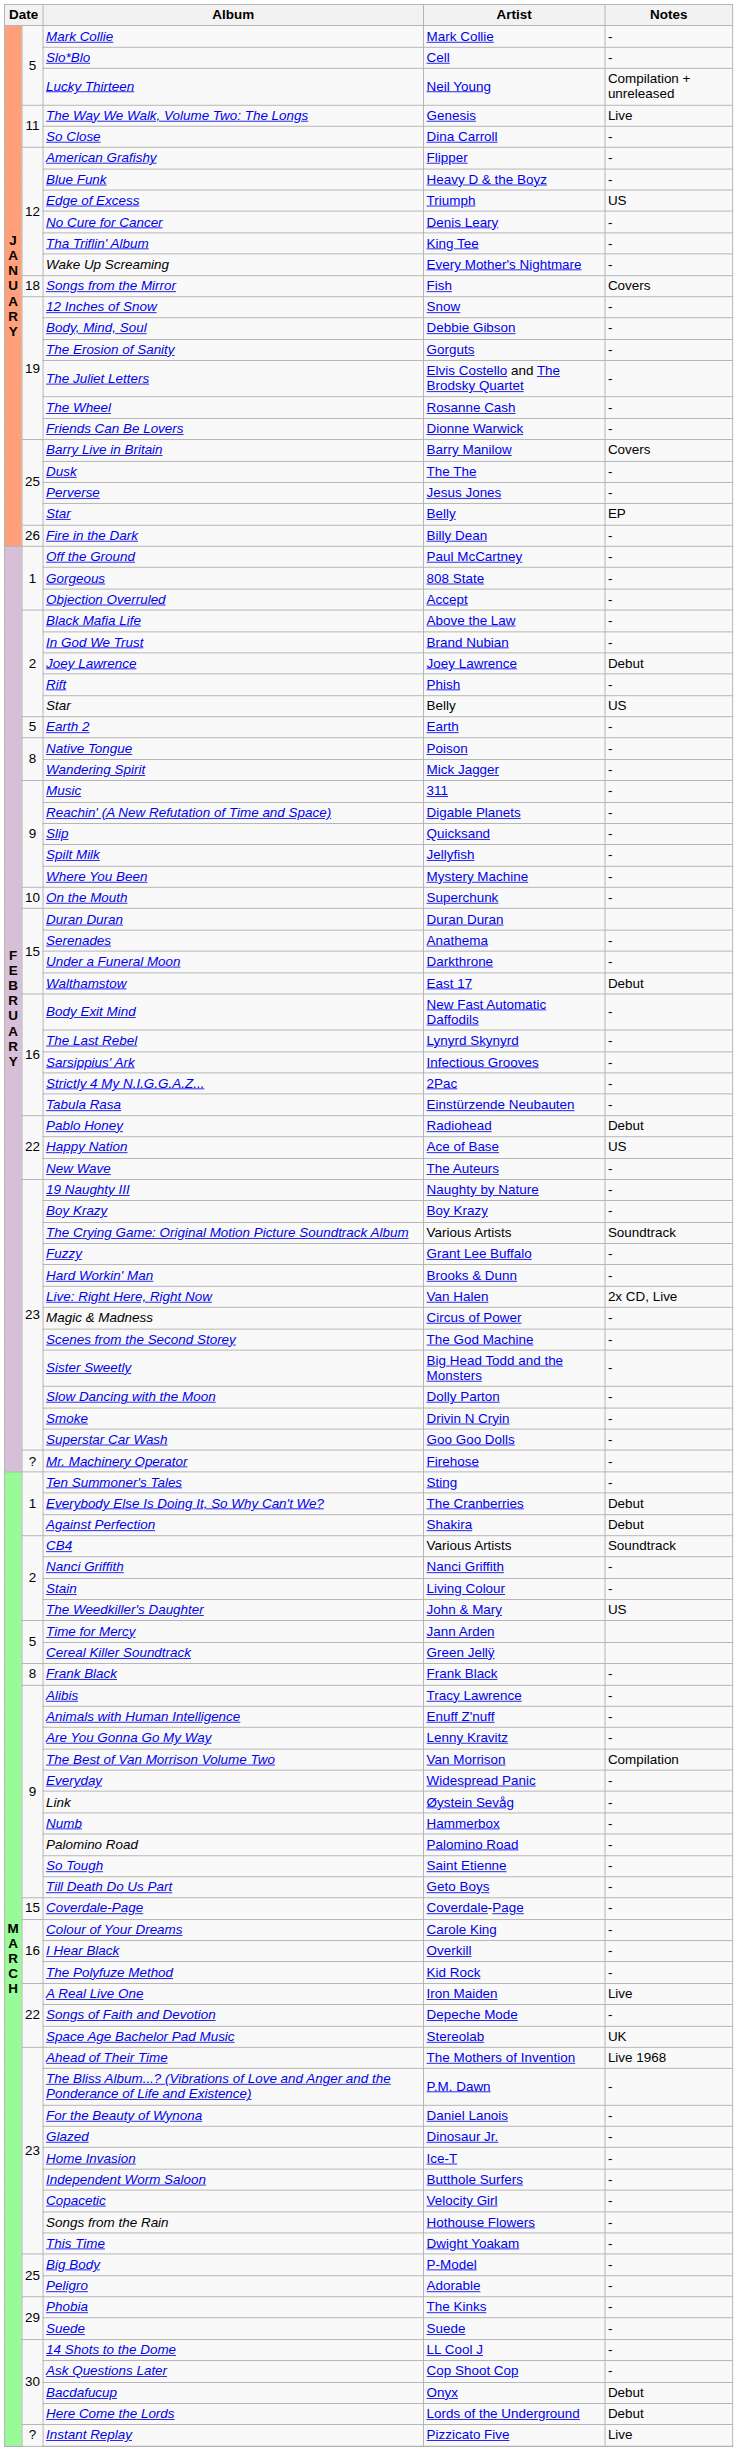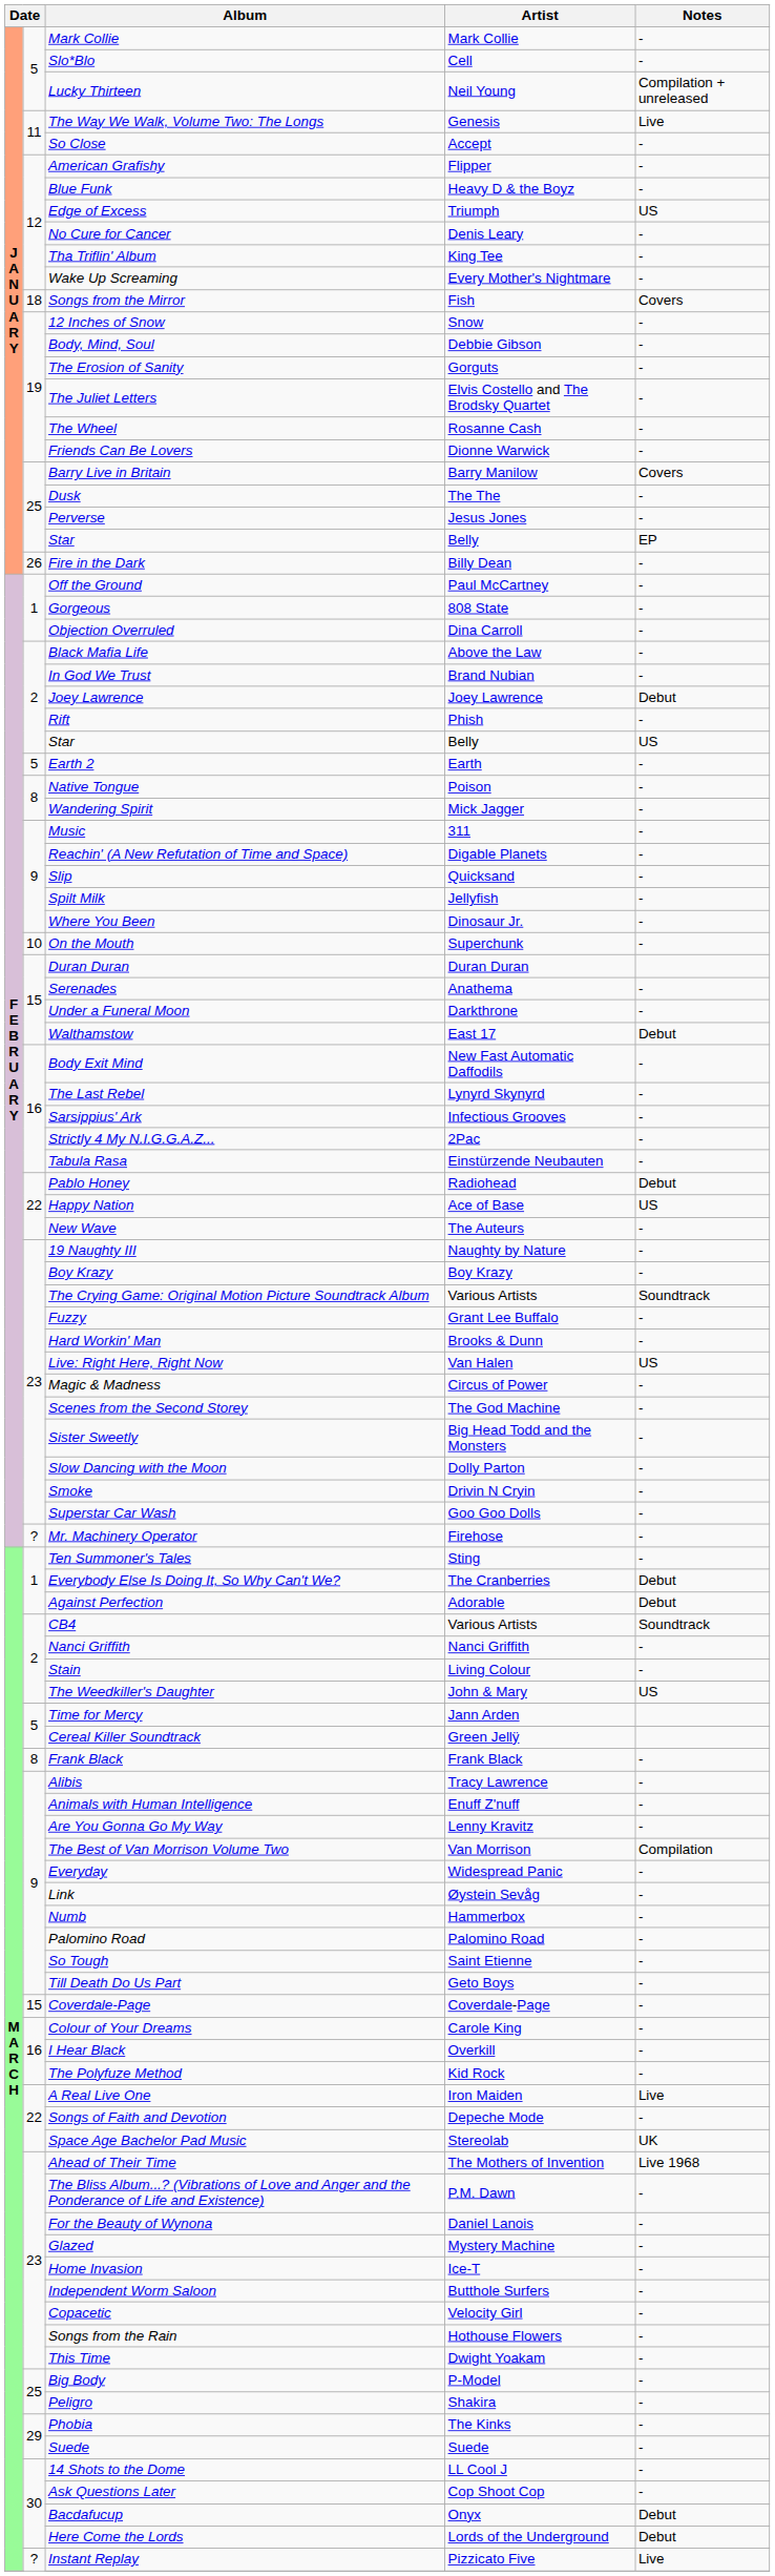 <table class="wikitable">
 <tr>
 <th colspan="2">Date</th>
 <th>Album</th>
 <th>Artist</th>
 <th>Notes</th>
 </tr>
 <tr>
 <td rowspan="23" style="background:#FFA07A; textcolor:#000;" align="center" valign="center"><strong>J<br>A<br>N<br>U<br>A<br>R<br>Y</strong></td>
 <td rowspan="3" align="center">5</td>
 <td><em><a href='#'>Mark Collie</a></em></td>
 <td><a href='#'>Mark Collie</a></td>
 <td>-</td>
 </tr>
 <tr>
 <td><em><a href='#'>Slo*Blo</a></em></td>
 <td><a href='#'>Cell</a></td>
 <td>-</td>
 </tr>
 <tr>
 <td><em><a href='#'>Lucky Thirteen</a></em></td>
 <td><a href='#'>Neil Young</a></td>
 <td>Compilation + unreleased</td>
 </tr>
 <tr>
 <td rowspan="2" align="center">11</td>
 <td><em><a href='#'>The Way We Walk, Volume Two: The Longs</a></em></td>
 <td><a href='#'>Genesis</a></td>
 <td>Live</td>
 </tr>
 <tr>
 <td><em><a href='#'>So Close</a></em></td>
-<td><a href='#'>Dina Carroll</a></td>
+<td><a href='#'>Accept</a></td>
 <td>-</td>
 </tr>
 <tr>
 <td rowspan="6" align="center">12</td>
 <td><em><a href='#'>American Grafishy</a></em></td>
 <td><a href='#'>Flipper</a></td>
 <td>-</td>
 </tr>
 <tr>
 <td><em><a href='#'>Blue Funk</a></em></td>
 <td><a href='#'>Heavy D & the Boyz</a></td>
 <td>-</td>
 </tr>
 <tr>
 <td><em><a href='#'>Edge of Excess</a></em></td>
 <td><a href='#'>Triumph</a></td>
 <td>US</td>
 </tr>
 <tr>
 <td><em><a href='#'>No Cure for Cancer</a></em></td>
 <td><a href='#'>Denis Leary</a></td>
 <td>-</td>
 </tr>
 <tr>
 <td><em><a href='#'>Tha Triflin' Album</a></em></td>
 <td><a href='#'>King Tee</a></td>
 <td>-</td>
 </tr>
 <tr>
 <td><em>Wake Up Screaming</em></td>
 <td><a href='#'>Every Mother's Nightmare</a></td>
 <td>-</td>
 </tr>
 <tr>
 <td align="center">18</td>
 <td><em><a href='#'>Songs from the Mirror</a></em></td>
 <td><a href='#'>Fish</a></td>
 <td>Covers</td>
 </tr>
 <tr>
 <td rowspan="6" align="center">19</td>
 <td><em><a href='#'>12 Inches of Snow</a></em></td>
 <td><a href='#'>Snow</a></td>
 <td>-</td>
 </tr>
 <tr>
 <td><em><a href='#'>Body, Mind, Soul</a></em></td>
 <td><a href='#'>Debbie Gibson</a></td>
 <td>-</td>
 </tr>
 <tr>
 <td><em><a href='#'>The Erosion of Sanity</a></em></td>
 <td><a href='#'>Gorguts</a></td>
 <td>-</td>
 </tr>
 <tr>
 <td><em><a href='#'>The Juliet Letters</a></em></td>
 <td><a href='#'>Elvis Costello</a> and <a href='#'>The Brodsky Quartet</a></td>
 <td>-</td>
 </tr>
 <tr>
 <td><em><a href='#'>The Wheel</a></em></td>
 <td><a href='#'>Rosanne Cash</a></td>
 <td>-</td>
 </tr>
 <tr>
 <td><em><a href='#'>Friends Can Be Lovers</a></em></td>
 <td><a href='#'>Dionne Warwick</a></td>
 <td>-</td>
 </tr>
 <tr>
 <td rowspan="4" align="center">25</td>
 <td><em><a href='#'>Barry Live in Britain</a></em></td>
 <td><a href='#'>Barry Manilow</a></td>
 <td>Covers</td>
 </tr>
 <tr>
 <td><em><a href='#'>Dusk</a></em></td>
 <td><a href='#'>The The</a></td>
 <td>-</td>
 </tr>
 <tr>
 <td><em><a href='#'>Perverse</a></em></td>
 <td><a href='#'>Jesus Jones</a></td>
 <td>-</td>
 </tr>
 <tr>
 <td><em><a href='#'>Star</a></em></td>
 <td><a href='#'>Belly</a></td>
 <td>EP</td>
 </tr>
 <tr>
 <td align="center">26</td>
 <td><em><a href='#'>Fire in the Dark</a></em></td>
 <td><a href='#'>Billy Dean</a></td>
 <td>-</td>
 </tr>
 <tr>
 <td rowspan="42" style="background:#D8BFD8; textcolor:#000;" align="center" valign="center"><strong>F<br>E<br>B<br>R<br>U<br>A<br>R<br>Y</strong></td>
 <td rowspan="3" align="center">1</td>
 <td><em><a href='#'>Off the Ground</a></em></td>
 <td><a href='#'>Paul McCartney</a></td>
 <td>-</td>
 </tr>
 <tr>
 <td><em><a href='#'>Gorgeous</a></em></td>
 <td><a href='#'>808 State</a></td>
 <td>-</td>
 </tr>
 <tr>
 <td><em><a href='#'>Objection Overruled</a></em></td>
-<td><a href='#'>Accept</a></td>
+<td><a href='#'>Dina Carroll</a></td>
 <td>-</td>
 </tr>
 <tr>
 <td rowspan="5" align="center">2</td>
 <td><em><a href='#'>Black Mafia Life</a></em></td>
 <td><a href='#'>Above the Law</a></td>
 <td>-</td>
 </tr>
 <tr>
 <td><em><a href='#'>In God We Trust</a></em></td>
 <td><a href='#'>Brand Nubian</a></td>
 <td>-</td>
 </tr>
 <tr>
 <td><em><a href='#'>Joey Lawrence</a></em></td>
 <td><a href='#'>Joey Lawrence</a></td>
 <td>Debut</td>
 </tr>
 <tr>
 <td><em><a href='#'>Rift</a></em></td>
 <td><a href='#'>Phish</a></td>
 <td>-</td>
 </tr>
 <tr>
 <td><em>Star</em></td>
 <td>Belly</td>
 <td>US</td>
 </tr>
 <tr>
 <td align="center">5</td>
 <td><em><a href='#'>Earth 2</a></em></td>
 <td><a href='#'>Earth</a></td>
 <td>-</td>
 </tr>
 <tr>
 <td rowspan="2" align="center">8</td>
 <td><em><a href='#'>Native Tongue</a></em></td>
 <td><a href='#'>Poison</a></td>
 <td>-</td>
 </tr>
 <tr>
 <td><em><a href='#'>Wandering Spirit</a></em></td>
 <td><a href='#'>Mick Jagger</a></td>
 <td>-</td>
 </tr>
 <tr>
 <td rowspan="5" align="center">9</td>
 <td><em><a href='#'>Music</a></em></td>
 <td><a href='#'>311</a></td>
 <td>-</td>
 </tr>
 <tr>
 <td><em><a href='#'>Reachin' (A New Refutation of Time and Space)</a></em></td>
 <td><a href='#'>Digable Planets</a></td>
 <td>-</td>
 </tr>
 <tr>
 <td><em><a href='#'>Slip</a></em></td>
 <td><a href='#'>Quicksand</a></td>
 <td>-</td>
 </tr>
 <tr>
 <td><em><a href='#'>Spilt Milk</a></em></td>
 <td><a href='#'>Jellyfish</a></td>
 <td>-</td>
 </tr>
 <tr>
 <td><em><a href='#'>Where You Been</a></em></td>
-<td><a href='#'>Mystery Machine</a></td>
+<td><a href='#'>Dinosaur Jr.</a></td>
 <td>-</td>
 </tr>
 <tr>
 <td align="center">10</td>
 <td><em><a href='#'>On the Mouth</a></em></td>
 <td><a href='#'>Superchunk</a></td>
 <td>-</td>
 </tr>
 <tr>
 <td rowspan="4" align="center">15</td>
 <td><em><a href='#'>Duran Duran</a></em></td>
 <td><a href='#'>Duran Duran</a></td>
 <td></td>
 </tr>
 <tr>
 <td><em><a href='#'>Serenades</a></em></td>
 <td><a href='#'>Anathema</a></td>
 <td>-</td>
 </tr>
 <tr>
 <td><em><a href='#'>Under a Funeral Moon</a></em></td>
 <td><a href='#'>Darkthrone</a></td>
 <td>-</td>
 </tr>
 <tr>
 <td><em><a href='#'>Walthamstow</a></em></td>
 <td><a href='#'>East 17</a></td>
 <td>Debut</td>
 </tr>
 <tr>
 <td rowspan="5" align="center">16</td>
 <td><em><a href='#'>Body Exit Mind</a></em></td>
 <td><a href='#'>New Fast Automatic Daffodils</a></td>
 <td>-</td>
 </tr>
 <tr>
 <td><em><a href='#'>The Last Rebel</a></em></td>
 <td><a href='#'>Lynyrd Skynyrd</a></td>
 <td>-</td>
 </tr>
 <tr>
 <td><em><a href='#'>Sarsippius' Ark</a></em></td>
 <td><a href='#'>Infectious Grooves</a></td>
 <td>-</td>
 </tr>
 <tr>
 <td><em><a href='#'>Strictly 4 My N.I.G.G.A.Z...</a></em></td>
 <td><a href='#'>2Pac</a></td>
 <td>-</td>
 </tr>
 <tr>
 <td><em><a href='#'>Tabula Rasa</a></em></td>
 <td><a href='#'>Einstürzende Neubauten</a></td>
 <td>-</td>
 </tr>
 <tr>
 <td rowspan="3" align="center">22</td>
 <td><em><a href='#'>Pablo Honey</a></em></td>
 <td><a href='#'>Radiohead</a></td>
 <td>Debut</td>
 </tr>
 <tr>
 <td><em><a href='#'>Happy Nation</a></em></td>
 <td><a href='#'>Ace of Base</a></td>
 <td>US</td>
 </tr>
 <tr>
 <td><em><a href='#'>New Wave</a></em></td>
 <td><a href='#'>The Auteurs</a></td>
 <td>-</td>
 </tr>
 <tr>
 <td rowspan="12" align="center">23</td>
 <td><em><a href='#'>19 Naughty III</a></em></td>
 <td><a href='#'>Naughty by Nature</a></td>
 <td>-</td>
 </tr>
 <tr>
 <td><em><a href='#'>Boy Krazy</a></em></td>
 <td><a href='#'>Boy Krazy</a></td>
 <td>-</td>
 </tr>
 <tr>
 <td><em><a href='#'>The Crying Game: Original Motion Picture Soundtrack Album</a></em></td>
 <td>Various Artists</td>
 <td>Soundtrack</td>
 </tr>
 <tr>
 <td><em><a href='#'>Fuzzy</a></em></td>
 <td><a href='#'>Grant Lee Buffalo</a></td>
 <td>-</td>
 </tr>
 <tr>
 <td><em><a href='#'>Hard Workin' Man</a></em></td>
 <td><a href='#'>Brooks & Dunn</a></td>
 <td>-</td>
 </tr>
 <tr>
 <td><em><a href='#'>Live: Right Here, Right Now</a></em></td>
 <td><a href='#'>Van Halen</a></td>
-<td>2x CD, Live</td>
+<td>US</td>
 </tr>
 <tr>
 <td><em>Magic & Madness</em></td>
 <td><a href='#'>Circus of Power</a></td>
 <td>-</td>
 </tr>
 <tr>
 <td><em><a href='#'>Scenes from the Second Storey</a></em></td>
 <td><a href='#'>The God Machine</a></td>
 <td>-</td>
 </tr>
 <tr>
 <td><em><a href='#'>Sister Sweetly</a></em></td>
 <td><a href='#'>Big Head Todd and the Monsters</a></td>
 <td>-</td>
 </tr>
 <tr>
 <td><em><a href='#'>Slow Dancing with the Moon</a></em></td>
 <td><a href='#'>Dolly Parton</a></td>
 <td>-</td>
 </tr>
 <tr>
 <td><em><a href='#'>Smoke</a></em></td>
 <td><a href='#'>Drivin N Cryin</a></td>
 <td>-</td>
 </tr>
 <tr>
 <td><em><a href='#'>Superstar Car Wash</a></em></td>
 <td><a href='#'>Goo Goo Dolls</a></td>
 <td>-</td>
 </tr>
 <tr>
 <td align="center">?</td>
 <td><em><a href='#'>Mr. Machinery Operator</a></em></td>
 <td><a href='#'>Firehose</a></td>
 <td>-</td>
 </tr>
 <tr>
 <td rowspan="45" valign="center" align="center" style="background:#98FB98; textcolor:#000;"><strong>M<br>A<br>R<br>C<br>H</strong></td>
 <td rowspan="3" align="center">1</td>
 <td><em><a href='#'>Ten Summoner's Tales</a></em></td>
 <td><a href='#'>Sting</a></td>
 <td>-</td>
 </tr>
 <tr>
 <td><em><a href='#'>Everybody Else Is Doing It, So Why Can't We?</a></em></td>
 <td><a href='#'>The Cranberries</a></td>
 <td>Debut</td>
 </tr>
 <tr>
 <td><em><a href='#'>Against Perfection</a></em></td>
-<td><a href='#'>Shakira</a></td>
+<td><a href='#'>Adorable</a></td>
 <td>Debut</td>
 </tr>
 <tr>
 <td rowspan="4" align="center">2</td>
 <td><em><a href='#'>CB4</a></em></td>
 <td>Various Artists</td>
 <td>Soundtrack</td>
 </tr>
 <tr>
 <td><em><a href='#'>Nanci Griffith</a></em></td>
 <td><a href='#'>Nanci Griffith</a></td>
 <td>-</td>
 </tr>
 <tr>
 <td><em><a href='#'>Stain</a></em></td>
 <td><a href='#'>Living Colour</a></td>
 <td>-</td>
 </tr>
 <tr>
 <td><em><a href='#'>The Weedkiller's Daughter</a></em></td>
 <td><a href='#'>John & Mary</a></td>
 <td>US</td>
 </tr>
 <tr>
 <td rowspan="2" align="center">5</td>
 <td><em><a href='#'>Time for Mercy</a></em></td>
 <td><a href='#'>Jann Arden</a></td>
 <td></td>
 </tr>
 <tr>
 <td><em><a href='#'>Cereal Killer Soundtrack</a></em></td>
 <td><a href='#'>Green Jellÿ</a></td>
 <td></td>
 </tr>
 <tr>
 <td align="center">8</td>
 <td><em><a href='#'>Frank Black</a></em></td>
 <td><a href='#'>Frank Black</a></td>
 <td>-</td>
 </tr>
 <tr>
 <td rowspan="10" align="center">9</td>
 <td><em><a href='#'>Alibis</a></em></td>
 <td><a href='#'>Tracy Lawrence</a></td>
 <td>-</td>
 </tr>
 <tr>
 <td><em><a href='#'>Animals with Human Intelligence</a></em></td>
 <td><a href='#'>Enuff Z'nuff</a></td>
 <td>-</td>
 </tr>
 <tr>
 <td><em><a href='#'>Are You Gonna Go My Way</a></em></td>
 <td><a href='#'>Lenny Kravitz</a></td>
 <td>-</td>
 </tr>
 <tr>
 <td><em><a href='#'>The Best of Van Morrison Volume Two</a></em></td>
 <td><a href='#'>Van Morrison</a></td>
 <td>Compilation</td>
 </tr>
 <tr>
 <td><em><a href='#'>Everyday</a></em></td>
 <td><a href='#'>Widespread Panic</a></td>
 <td>-</td>
 </tr>
 <tr>
 <td><em>Link</em></td>
 <td><a href='#'>Øystein Sevåg</a></td>
 <td>-</td>
 </tr>
 <tr>
 <td><em><a href='#'>Numb</a></em></td>
 <td><a href='#'>Hammerbox</a></td>
 <td>-</td>
 </tr>
 <tr>
 <td><em>Palomino Road</em></td>
 <td><a href='#'>Palomino Road</a></td>
 <td>-</td>
 </tr>
 <tr>
 <td><em><a href='#'>So Tough</a></em></td>
 <td><a href='#'>Saint Etienne</a></td>
 <td>-</td>
 </tr>
 <tr>
 <td><em><a href='#'>Till Death Do Us Part</a></em></td>
 <td><a href='#'>Geto Boys</a></td>
 <td>-</td>
 </tr>
 <tr>
 <td align="center">15</td>
 <td><em><a href='#'>Coverdale-Page</a></em></td>
 <td><a href='#'>Coverdale</a>-<a href='#'>Page</a></td>
 <td>-</td>
 </tr>
 <tr>
 <td rowspan="3" align="center">16</td>
 <td><em><a href='#'>Colour of Your Dreams</a></em></td>
 <td><a href='#'>Carole King</a></td>
 <td>-</td>
 </tr>
 <tr>
 <td><em><a href='#'>I Hear Black</a></em></td>
 <td><a href='#'>Overkill</a></td>
 <td>-</td>
 </tr>
 <tr>
 <td><em><a href='#'>The Polyfuze Method</a></em></td>
 <td><a href='#'>Kid Rock</a></td>
 <td>-</td>
 </tr>
 <tr>
 <td rowspan="3" align="center">22</td>
 <td><em><a href='#'>A Real Live One</a></em></td>
 <td><a href='#'>Iron Maiden</a></td>
 <td>Live</td>
 </tr>
 <tr>
 <td><em><a href='#'>Songs of Faith and Devotion</a></em></td>
 <td><a href='#'>Depeche Mode</a></td>
 <td>-</td>
 </tr>
 <tr>
 <td><em><a href='#'>Space Age Bachelor Pad Music</a></em></td>
 <td><a href='#'>Stereolab</a></td>
 <td>UK</td>
 </tr>
 <tr>
 <td rowspan="9" align="center">23</td>
 <td><em><a href='#'>Ahead of Their Time</a></em></td>
 <td><a href='#'>The Mothers of Invention</a></td>
 <td>Live 1968</td>
 </tr>
 <tr>
 <td><em><a href='#'>The Bliss Album...? (Vibrations of Love and Anger and the Ponderance of Life and Existence)</a></em></td>
 <td><a href='#'>P.M. Dawn</a></td>
 <td>-</td>
 </tr>
 <tr>
 <td><em><a href='#'>For the Beauty of Wynona</a></em></td>
 <td><a href='#'>Daniel Lanois</a></td>
 <td>-</td>
 </tr>
 <tr>
 <td><em><a href='#'>Glazed</a></em></td>
-<td><a href='#'>Dinosaur Jr.</a></td>
+<td><a href='#'>Mystery Machine</a></td>
 <td>-</td>
 </tr>
 <tr>
 <td><em><a href='#'>Home Invasion</a></em></td>
 <td><a href='#'>Ice-T</a></td>
 <td>-</td>
 </tr>
 <tr>
 <td><em><a href='#'>Independent Worm Saloon</a></em></td>
 <td><a href='#'>Butthole Surfers</a></td>
 <td>-</td>
 </tr>
 <tr>
 <td><em><a href='#'>Copacetic</a></em></td>
 <td><a href='#'>Velocity Girl</a></td>
 <td>-</td>
 </tr>
 <tr>
 <td><em>Songs from the Rain</em></td>
 <td><a href='#'>Hothouse Flowers</a></td>
 <td>-</td>
 </tr>
 <tr>
 <td><em><a href='#'>This Time</a></em></td>
 <td><a href='#'>Dwight Yoakam</a></td>
 <td>-</td>
 </tr>
 <tr>
 <td rowspan="2" align="center">25</td>
 <td><em><a href='#'>Big Body</a></em></td>
 <td><a href='#'>P-Model</a></td>
 <td>-</td>
 </tr>
 <tr>
 <td><em><a href='#'>Peligro</a></em></td>
-<td><a href='#'>Adorable</a></td>
+<td><a href='#'>Shakira</a></td>
 <td>-</td>
 </tr>
 <tr>
 <td rowspan="2" align="center">29</td>
 <td><em><a href='#'>Phobia</a></em></td>
 <td><a href='#'>The Kinks</a></td>
 <td>-</td>
 </tr>
 <tr>
 <td><em><a href='#'>Suede</a></em></td>
 <td><a href='#'>Suede</a></td>
 <td>-</td>
 </tr>
 <tr>
 <td rowspan="4" align="center">30</td>
 <td><em><a href='#'>14 Shots to the Dome</a></em></td>
 <td><a href='#'>LL Cool J</a></td>
 <td>-</td>
 </tr>
 <tr>
 <td><em><a href='#'>Ask Questions Later</a></em></td>
 <td><a href='#'>Cop Shoot Cop</a></td>
 <td>-</td>
 </tr>
 <tr>
 <td><em><a href='#'>Bacdafucup</a></em></td>
 <td><a href='#'>Onyx</a></td>
 <td>Debut</td>
 </tr>
 <tr>
 <td><em><a href='#'>Here Come the Lords</a></em></td>
 <td><a href='#'>Lords of the Underground</a></td>
 <td>Debut</td>
 </tr>
 <tr>
 <td rowspan="4" align="center">?</td>
 <td><em><a href='#'>Instant Replay</a></em></td>
 <td><a href='#'>Pizzicato Five</a></td>
 <td>Live</td>
 </tr>
 <tr>
 </tr>
 </table>
